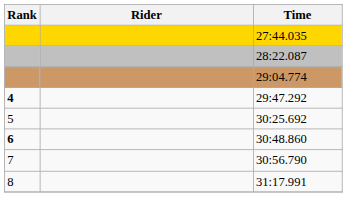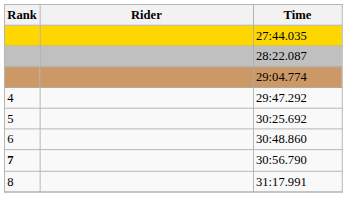 <table class="wikitable" style="font-size:95%" style="text-align:center">
 <tr>
 <th>Rank</th>
 <th width=250>Rider</th>
 <th width=100>Time</th>
 </tr>
 <tr bgcolor=gold>
 <td></td>
 <td align=left></td>
 <td>27:44.035</td>
 </tr>
 <tr bgcolor=silver>
 <td></td>
 <td align=left></td>
 <td>28:22.087</td>
 </tr>
 <tr bgcolor=cc9966>
 <td></td>
 <td align=left></td>
 <td>29:04.774</td>
 </tr>
 <tr>
-<td><strong>4</strong></td>
+<td>4</td>
 <td align=left></td>
 <td>29:47.292</td>
 </tr>
 <tr>
 <td>5</td>
 <td align=left></td>
 <td>30:25.692</td>
 </tr>
 <tr>
-<td><strong>6</strong></td>
+<td>6</td>
 <td align=left></td>
 <td>30:48.860</td>
 </tr>
 <tr>
-<td>7</td>
+<td><strong>7</strong></td>
 <td align=left></td>
 <td>30:56.790</td>
 </tr>
 <tr>
 <td>8</td>
 <td align=left></td>
 <td>31:17.991</td>
 </tr>
 <tr>
 </tr>
 </table>
